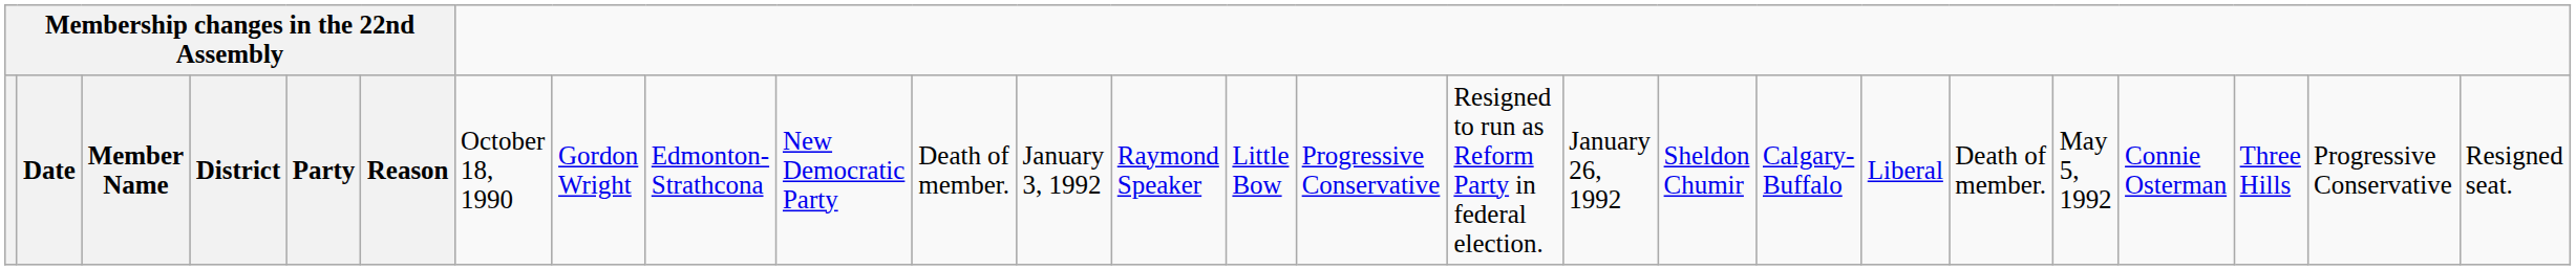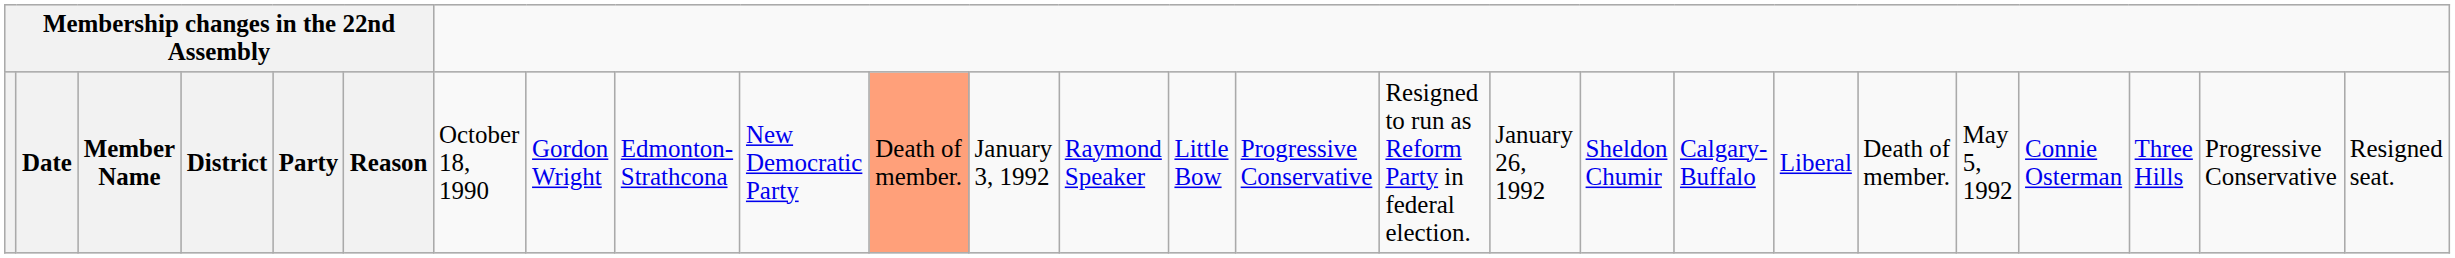 <table class="wikitable">
 <tr>
 <th colspan=6>Membership changes in the 22nd Assembly</th>
 </tr>
 <tr>
 <th></th>
 <th>Date</th>
 <th>Member Name</th>
 <th>District</th>
 <th>Party</th>
 <th>Reason<br></th>
 <td>October 18, 1990</td>
 <td><a href='#'>Gordon Wright</a></td>
 <td><a href='#'>Edmonton-Strathcona</a></td>
 <td><a href='#'>New Democratic Party</a></td>
-<td>Death of member.<br></td>
+<td style="background: lightsalmon;">Death of member.<br></td>
 <td>January 3, 1992</td>
 <td><a href='#'>Raymond Speaker</a></td>
 <td><a href='#'>Little Bow</a></td>
 <td><a href='#'>Progressive Conservative</a></td>
 <td>Resigned to run as <a href='#'>Reform Party</a> in federal election.<br></td>
 <td>January 26, 1992</td>
 <td><a href='#'>Sheldon Chumir</a></td>
 <td><a href='#'>Calgary-Buffalo</a></td>
 <td><a href='#'>Liberal</a></td>
 <td>Death of member.<br></td>
 <td>May 5, 1992</td>
 <td><a href='#'>Connie Osterman</a></td>
 <td><a href='#'>Three Hills</a></td>
 <td>Progressive Conservative</td>
 <td>Resigned seat.</td>
 </tr>
 </table>
